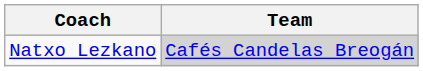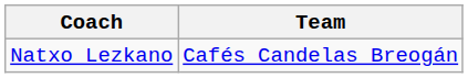 <table class="wikitable">
 <tr>
 <th style="text-align:center;">Coach</th>
 <th style="text-align:center;">Team</th>
 </tr>
 <tr>
 <td> <a href='#'>Natxo Lezkano</a></td>
-<td style="background: lightgrey;"><a href='#'>Cafés Candelas Breogán</a></td>
+<td><a href='#'>Cafés Candelas Breogán</a></td>
 </tr>
 </table>
